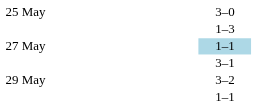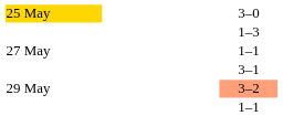 <table cellspacing=1 width=70%>
 <tr>
 <th width=25%></th>
 <th width=30%></th>
 <th width=15%></th>
 <th width=30%></th>
 </tr>
 <tr>
-<td>25 May</td>
+<td style="background: gold;">25 May</td>
 <td align=right></td>
 <td align=center>3–0</td>
 <td></td>
 </tr>
 <tr>
 <td></td>
 <td align=right></td>
 <td align=center>1–3</td>
 <td></td>
 </tr>
 <tr>
 <td>27 May</td>
 <td align=right></td>
-<td align=center style="background: lightblue;">1–1</td>
+<td align=center>1–1</td>
 <td></td>
 </tr>
 <tr>
 <td></td>
 <td align=right></td>
 <td align=center>3–1</td>
 <td></td>
 </tr>
 <tr>
 <td>29 May</td>
 <td align=right></td>
-<td align=center>3–2</td>
+<td align=center style="background: lightsalmon;">3–2</td>
 <td></td>
 </tr>
 <tr>
 <td></td>
 <td align=right></td>
 <td align=center>1–1</td>
 <td></td>
 </tr>
 </table>
